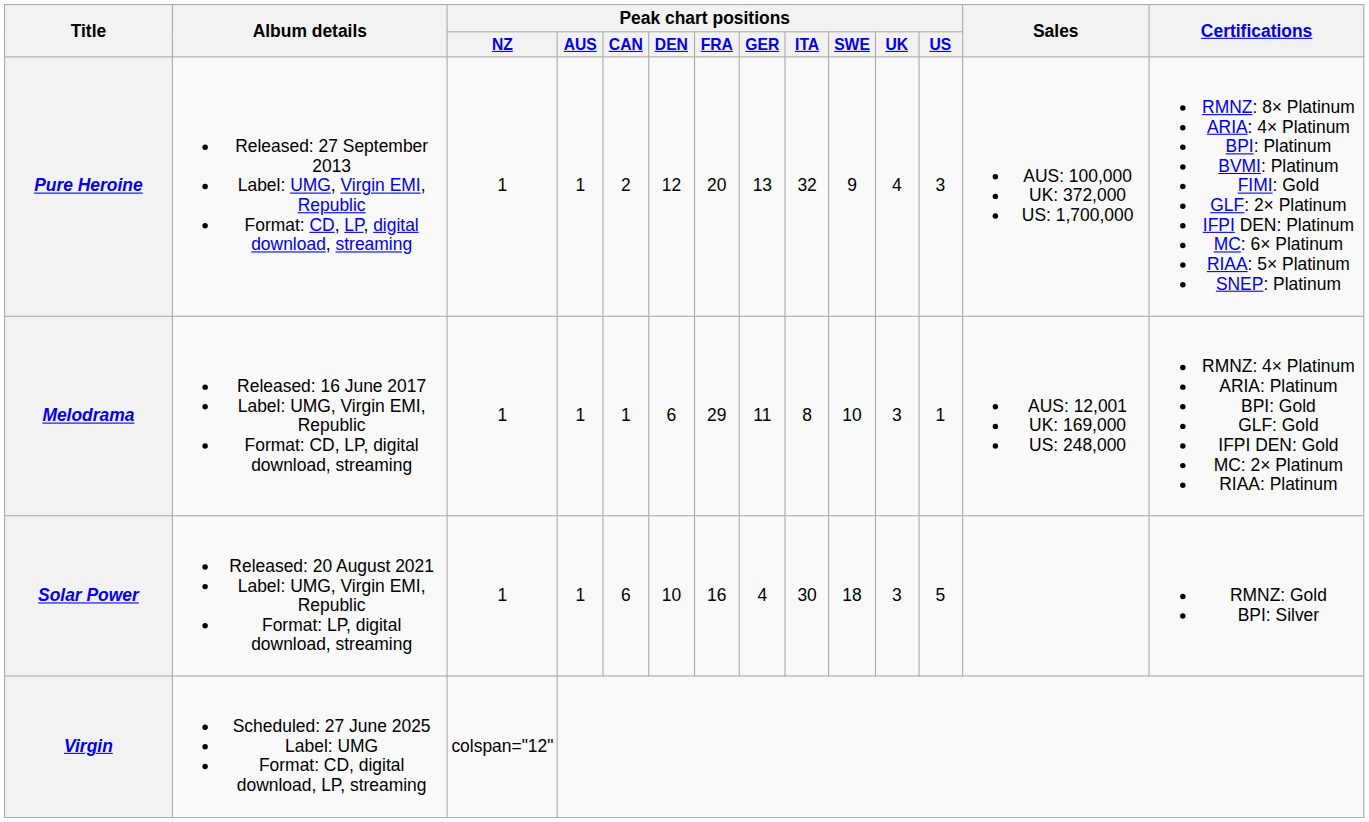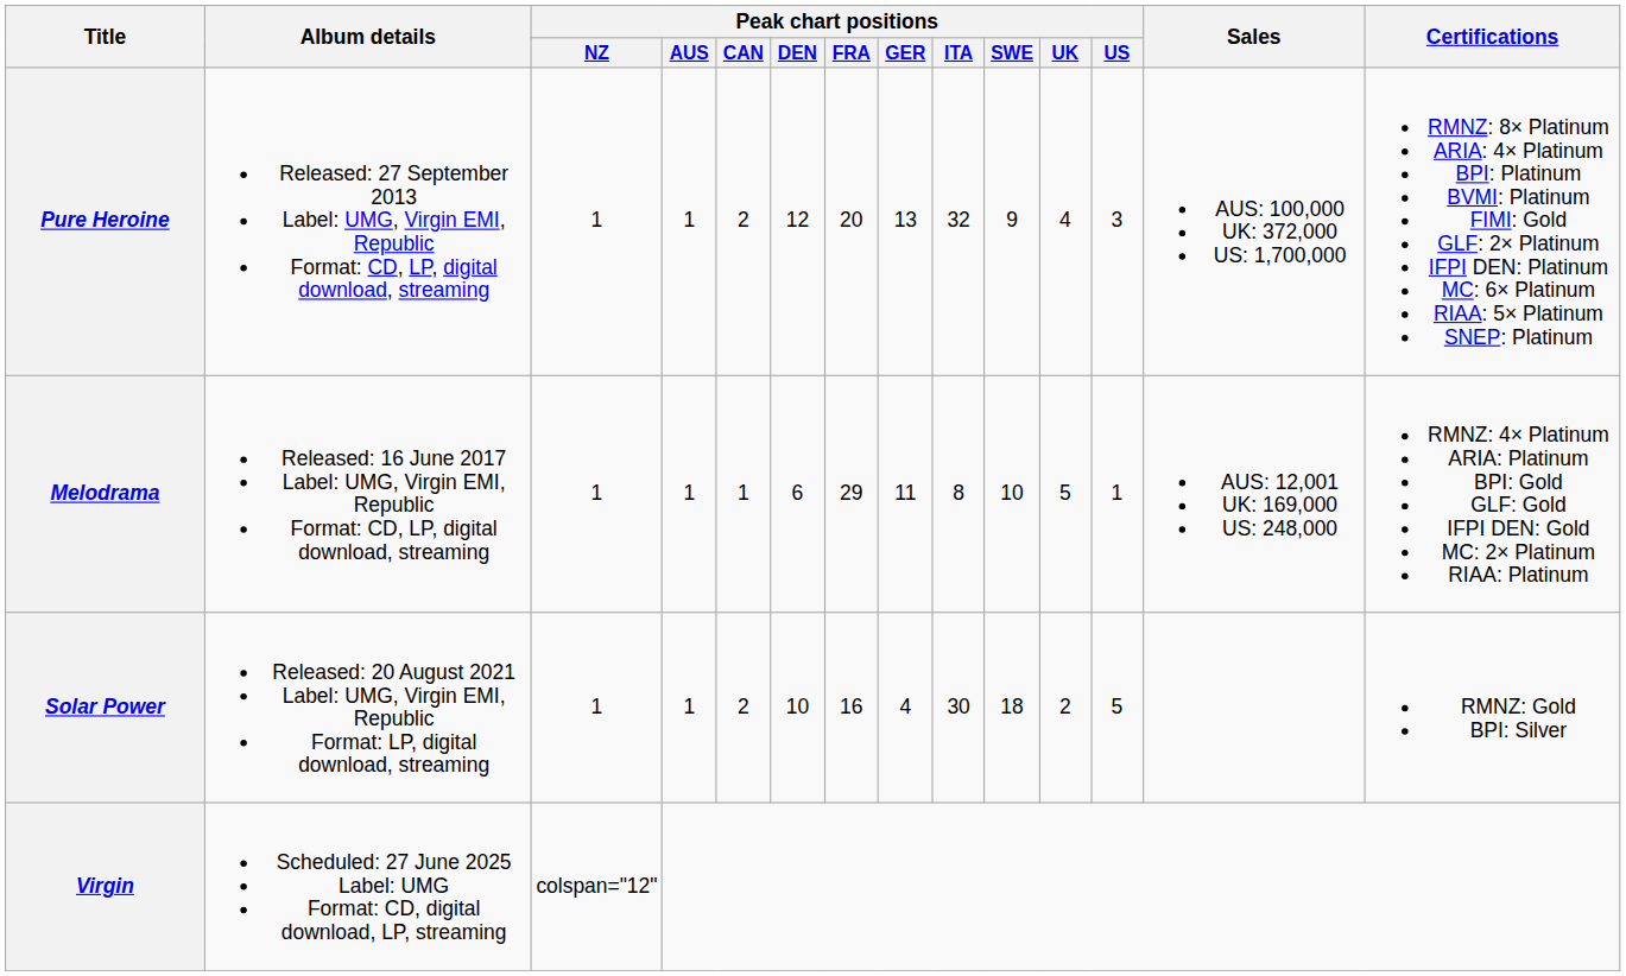 <table class="wikitable plainrowheaders" style="text-align:center;">
 <tr>
 <th scope="col" rowspan="2" style="width:10em;">Title</th>
 <th scope="col" rowspan="2" style="width:17em;">Album details</th>
 <th scope="col" colspan="10">Peak chart positions</th>
 <th scope="col" rowspan="2" style="width:11em;">Sales</th>
 <th scope="col" rowspan="2" style="width:13em;"><a href='#'>Certifications</a></th>
 </tr>
 <tr>
 <th scope="col" style="width:2.5em;font-size:90%;"><a href='#'>NZ</a><br></th>
 <th scope="col" style="width:2.5em;font-size:90%;"><a href='#'>AUS</a><br></th>
 <th scope="col" style="width:2.5em;font-size:90%;"><a href='#'>CAN</a><br></th>
 <th scope="col" style="width:2.5em;font-size:90%;"><a href='#'>DEN</a><br></th>
 <th scope="col" style="width:2.5em;font-size:90%;"><a href='#'>FRA</a><br></th>
 <th scope="col" style="width:2.5em;font-size:90%;"><a href='#'>GER</a><br></th>
 <th scope="col" style="width:2.5em;font-size:90%;"><a href='#'>ITA</a><br></th>
 <th scope="col" style="width:2.5em;font-size:90%;"><a href='#'>SWE</a><br></th>
 <th scope="col" style="width:2.5em;font-size:90%;"><a href='#'>UK</a><br></th>
 <th scope="col" style="width:2.5em;font-size:90%;"><a href='#'>US</a><br></th>
 </tr>
 <tr>
 <th scope="row"><em><a href='#'>Pure Heroine</a></em></th>
 <td><br><ul><li>Released: 27 September 2013</li><li>Label: <a href='#'>UMG</a>, <a href='#'>Virgin EMI</a>, <a href='#'>Republic</a></li><li>Format: <a href='#'>CD</a>, <a href='#'>LP</a>, <a href='#'>digital download</a>, <a href='#'>streaming</a></li></ul></td>
 <td>1</td>
 <td>1</td>
 <td>2</td>
 <td>12</td>
 <td>20</td>
 <td>13</td>
 <td>32</td>
 <td>9</td>
 <td>4</td>
 <td>3</td>
 <td><br><ul><li>AUS: 100,000</li><li>UK: 372,000</li><li>US: 1,700,000</li></ul></td>
 <td><br><ul><li><a href='#'>RMNZ</a>: 8× Platinum</li><li><a href='#'>ARIA</a>: 4× Platinum</li><li><a href='#'>BPI</a>: Platinum</li><li><a href='#'>BVMI</a>: Platinum</li><li><a href='#'>FIMI</a>: Gold</li><li><a href='#'>GLF</a>: 2× Platinum</li><li><a href='#'>IFPI</a> DEN: Platinum</li><li><a href='#'>MC</a>: 6× Platinum</li><li><a href='#'>RIAA</a>: 5× Platinum</li><li><a href='#'>SNEP</a>: Platinum</li></ul></td>
 </tr>
 <tr>
 <th scope="row"><em><a href='#'>Melodrama</a></em></th>
 <td><br><ul><li>Released: 16 June 2017</li><li>Label: UMG, Virgin EMI, Republic</li><li>Format: CD, LP, digital download, streaming</li></ul></td>
 <td>1</td>
 <td>1</td>
 <td>1</td>
 <td>6</td>
 <td>29</td>
 <td>11</td>
 <td>8</td>
 <td>10</td>
-<td>3</td>
+<td>5</td>
 <td>1</td>
 <td><br><ul><li>AUS: 12,001</li><li>UK: 169,000</li><li>US: 248,000</li></ul></td>
 <td><br><ul><li>RMNZ: 4× Platinum</li><li>ARIA: Platinum</li><li>BPI: Gold</li><li>GLF: Gold</li><li>IFPI DEN: Gold</li><li>MC: 2× Platinum</li><li>RIAA: Platinum</li></ul></td>
 </tr>
 <tr>
 <th scope="row"><em><a href='#'>Solar Power</a></em></th>
 <td><br><ul><li>Released: 20 August 2021</li><li>Label: UMG, Virgin EMI, Republic</li><li>Format: LP, digital download, streaming</li></ul></td>
 <td>1</td>
 <td>1</td>
-<td>6</td>
+<td>2</td>
 <td>10</td>
 <td>16</td>
 <td>4</td>
 <td>30</td>
 <td>18</td>
-<td>3</td>
+<td>2</td>
 <td>5</td>
 <td></td>
 <td><br><ul><li>RMNZ: Gold</li><li>BPI: Silver</li></ul></td>
 </tr>
 <tr>
 <th scope="row"><em><a href='#'>Virgin</a></em></th>
 <td><br><ul><li>Scheduled: 27 June 2025</li><li>Label: UMG</li><li>Format: CD, digital download, LP, streaming</li></ul></td>
 <td>colspan="12" </td>
 </tr>
 </table>
